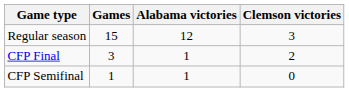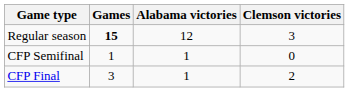 <table class="wikitable">
 <tr>
 <th>Game type</th>
 <th>Games</th>
 <th>Alabama victories</th>
 <th>Clemson victories</th>
 </tr>
 <tr>
 <td>Regular season</td>
-<td style="text-align:center;">15</td>
+<td style="text-align:center;"><strong>15</strong></td>
 <td style="text-align:center;">12</td>
 <td style="text-align:center;">3</td>
+</tr>
+<tr>
+<td>CFP Semifinal</td>
+<td style="text-align:center;">1</td>
+<td style="text-align:center;">1</td>
+<td style="text-align:center;">0</td>
 </tr>
 <tr>
 <td><a href='#'>CFP Final</a></td>
 <td style="text-align:center;">3</td>
 <td style="text-align:center;">1</td>
 <td style="text-align:center;">2</td>
 </tr>
-<tr>
-<td>CFP Semifinal</td>
-<td style="text-align:center;">1</td>
-<td style="text-align:center;">1</td>
-<td style="text-align:center;">0</td>
-</tr>
 </table>
